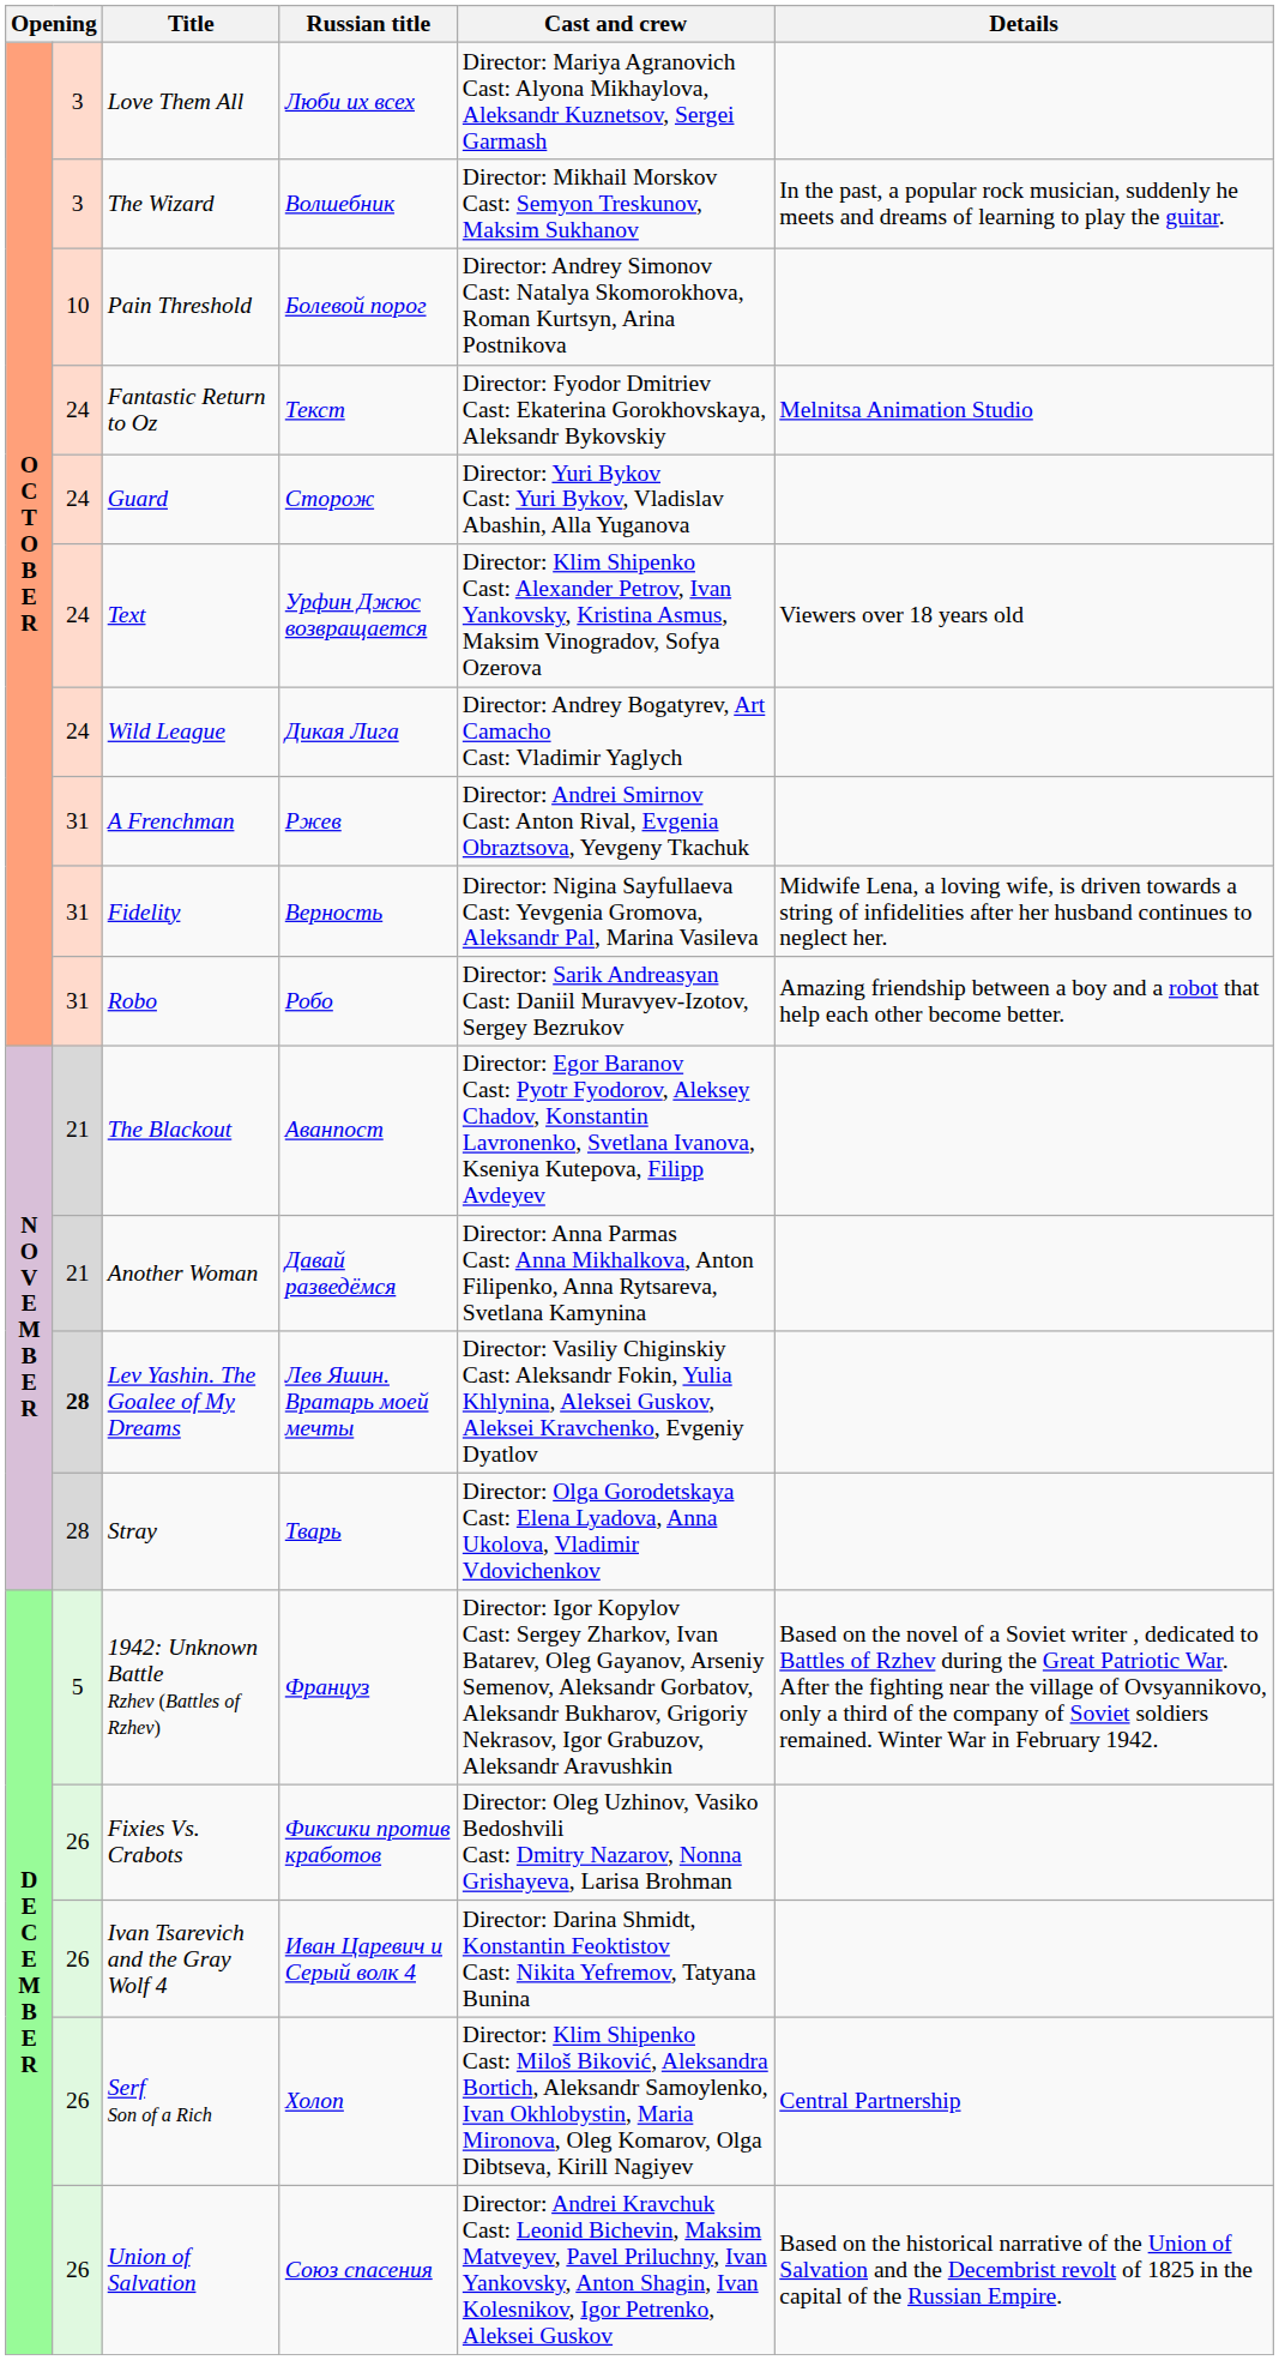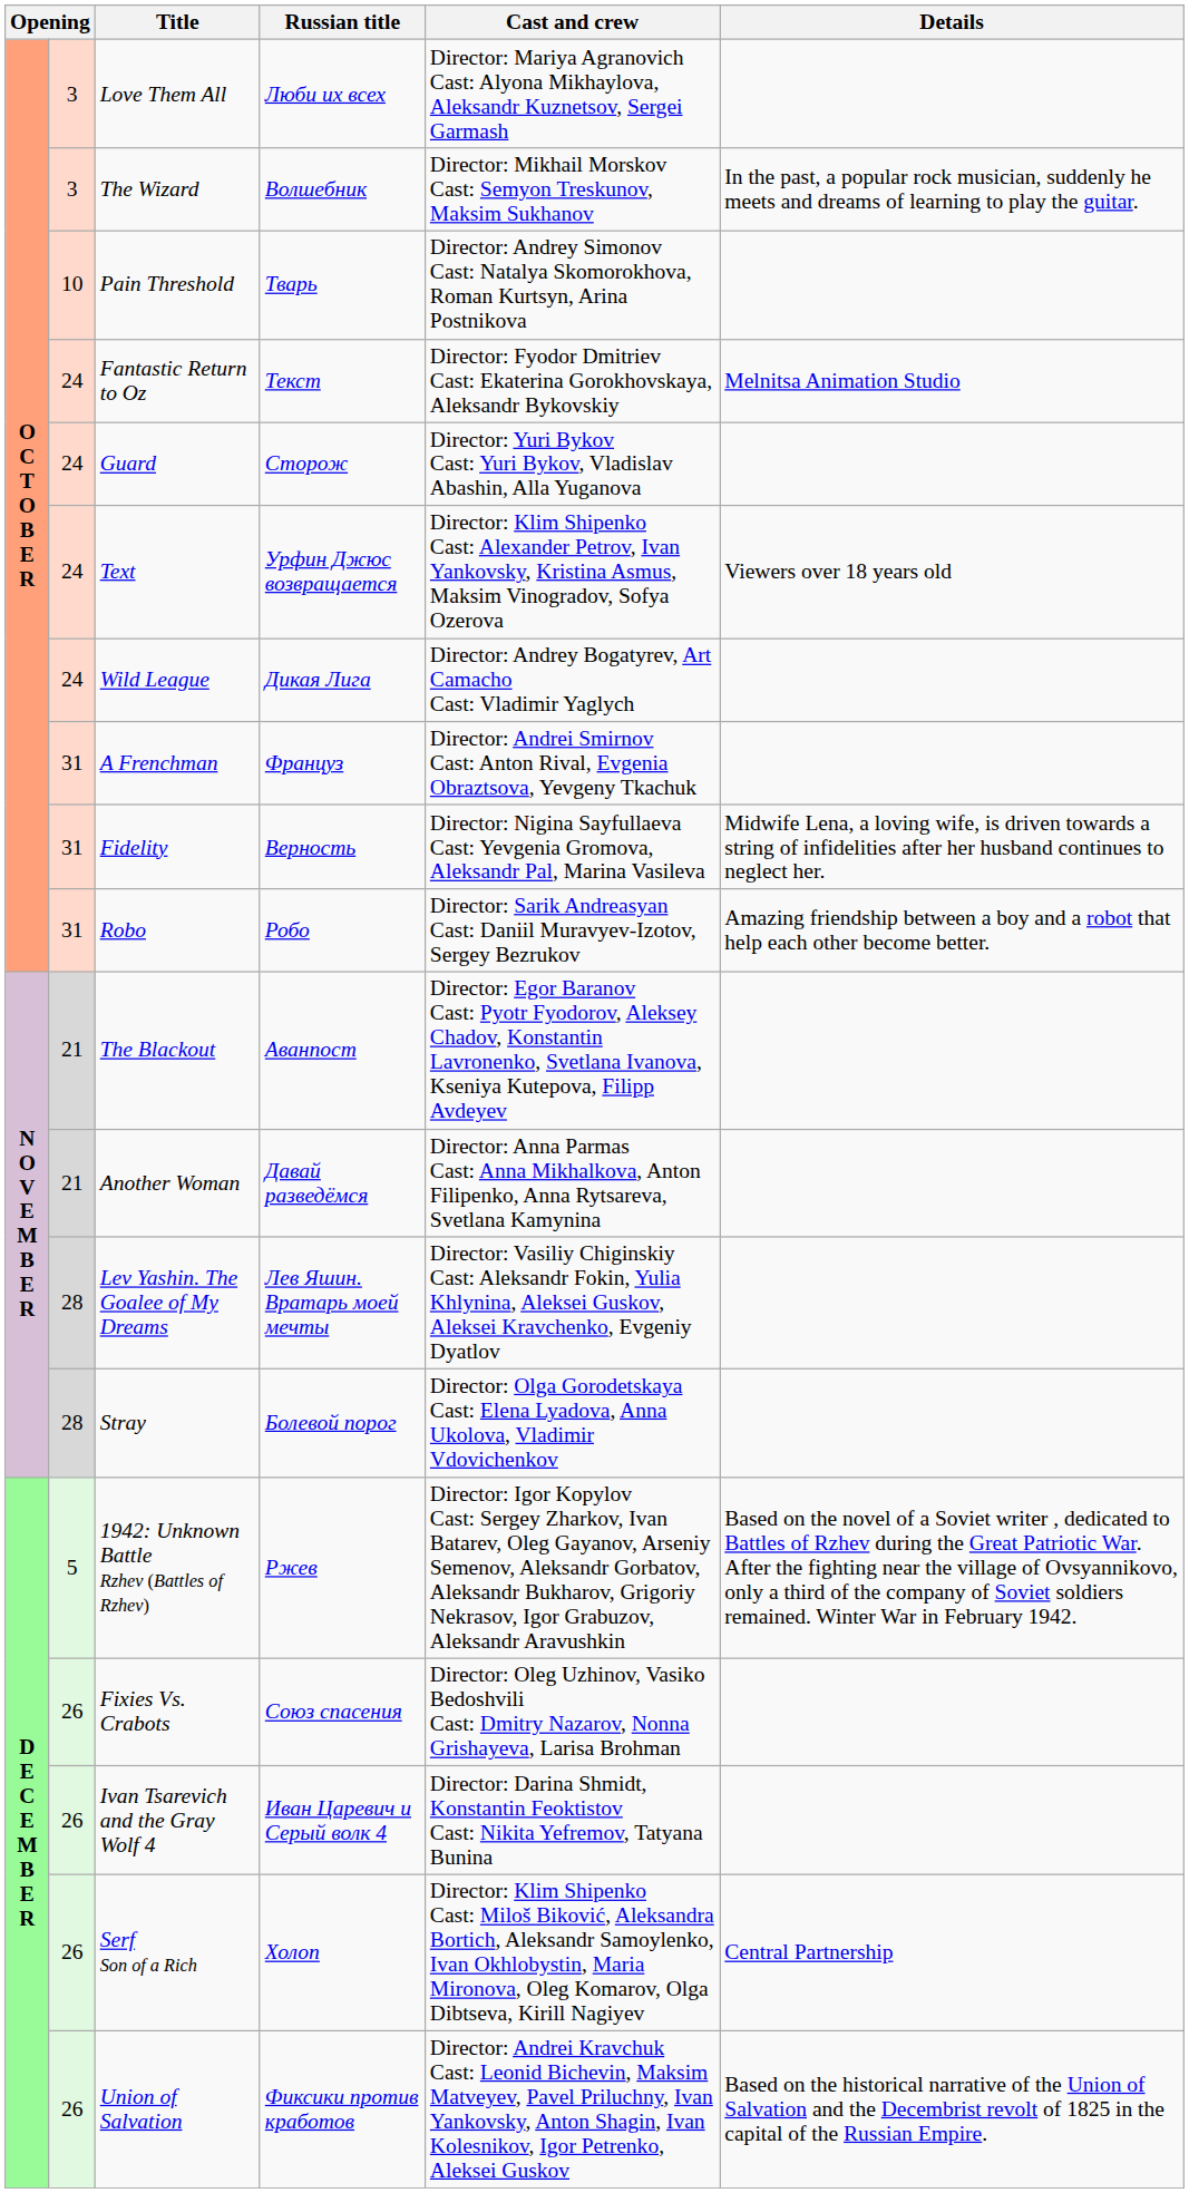 <table class="wikitable">
 <tr>
 <th colspan="2">Opening</th>
 <th style="width:14%;">Title</th>
 <th style="width:14%;">Russian title</th>
 <th style="width:25%;">Cast and crew</th>
 <th>Details</th>
 </tr>
 <tr>
 <th rowspan="10" align="center" style="background:#ffa07a; textcolor:#000;">O<br>C<br>T<br>O<br>B<br>E<br>R</th>
 <td align="center" style="background:#ffdacc;">3</td>
 <td><em>Love Them All</em></td>
 <td><em><a href='#'>Люби их всех</a></em></td>
 <td>Director: Mariya Agranovich <br> Cast: Alyona Mikhaylova, <a href='#'>Aleksandr Kuznetsov</a>, <a href='#'>Sergei Garmash</a></td>
 <td></td>
 </tr>
 <tr>
 <td align="center" style="background:#ffdacc;">3</td>
 <td><em>The Wizard</em></td>
 <td><em><a href='#'>Волшебник</a></em></td>
 <td>Director: Mikhail Morskov <br> Cast: <a href='#'>Semyon Treskunov</a>, <a href='#'>Maksim Sukhanov</a></td>
 <td>In the past, a popular rock musician, suddenly he meets and dreams of learning to play the <a href='#'>guitar</a>.</td>
 </tr>
 <tr>
 <td align="center" style="background:#ffdacc;">10</td>
 <td><em>Pain Threshold</em></td>
-<td><em><a href='#'>Болевой порог</a></em></td>
+<td><em><a href='#'>Тварь</a></em></td>
 <td>Director: Andrey Simonov <br> Cast: Natalya Skomorokhova, Roman Kurtsyn, Arina Postnikova</td>
 <td></td>
 </tr>
 <tr>
 <td align="center" style="background:#ffdacc;">24</td>
 <td><em>Fantastic Return to Oz</em></td>
 <td><em><a href='#'>Текст</a></em></td>
 <td>Director: Fyodor Dmitriev <br> Cast: Ekaterina Gorokhovskaya, Aleksandr Bykovskiy</td>
 <td><a href='#'>Melnitsa Animation Studio</a></td>
 </tr>
 <tr>
 <td align="center" style="background:#ffdacc;">24</td>
 <td><em><a href='#'>Guard</a></em></td>
 <td><em><a href='#'>Сторож</a></em></td>
 <td>Director: <a href='#'>Yuri Bykov</a> <br> Cast: <a href='#'>Yuri Bykov</a>, Vladislav Abashin, Alla Yuganova</td>
 <td></td>
 </tr>
 <tr>
 <td align="center" style="background:#ffdacc;">24</td>
 <td><em><a href='#'>Text</a></em></td>
 <td><em><a href='#'>Урфин Джюс возвращается</a></em></td>
 <td>Director: <a href='#'>Klim Shipenko</a> <br> Cast: <a href='#'>Alexander Petrov</a>, <a href='#'>Ivan Yankovsky</a>, <a href='#'>Kristina Asmus</a>, Maksim Vinogradov, Sofya Ozerova</td>
 <td>Viewers over 18 years old</td>
 </tr>
 <tr>
 <td align="center" style="background:#ffdacc;">24</td>
 <td><em><a href='#'>Wild League</a></em></td>
 <td><em><a href='#'>Дикая Лига</a></em></td>
 <td>Director: Andrey Bogatyrev, <a href='#'>Art Camacho</a> <br> Cast: Vladimir Yaglych</td>
 <td></td>
 </tr>
 <tr>
 <td align="center" style="background:#ffdacc;">31</td>
 <td><em><a href='#'>A Frenchman</a></em></td>
-<td><em><a href='#'>Ржев</a></em></td>
+<td><em><a href='#'>Француз</a></em></td>
 <td>Director: <a href='#'>Andrei Smirnov</a> <br> Cast: Anton Rival, <a href='#'>Evgenia Obraztsova</a>, Yevgeny Tkachuk</td>
 <td></td>
 </tr>
 <tr>
 <td align="center" style="background:#ffdacc;">31</td>
 <td><em><a href='#'>Fidelity</a></em></td>
 <td><em><a href='#'>Верность</a></em></td>
 <td>Director: Nigina Sayfullaeva <br> Cast: Yevgenia Gromova, <a href='#'>Aleksandr Pal</a>, Marina Vasileva</td>
 <td>Midwife Lena, a loving wife, is driven towards a string of infidelities after her husband continues to neglect her.</td>
 </tr>
 <tr>
 <td align="center" style="background:#ffdacc;">31</td>
 <td><em><a href='#'>Robo</a></em></td>
 <td><em><a href='#'>Робо</a></em></td>
 <td>Director: <a href='#'>Sarik Andreasyan</a> <br> Cast: Daniil Muravyev-Izotov, Sergey Bezrukov</td>
 <td>Amazing friendship between a boy and a <a href='#'>robot</a> that help each other become better.</td>
 </tr>
 <tr>
 <th rowspan="4" align="center" style="background:thistle; textcolor:#000;">N<br>O<br>V<br>E<br>M<br>B<br>E<br>R</th>
 <td align="center" style="background:#d8d8d8;">21</td>
 <td><em><a href='#'>The Blackout</a></em></td>
 <td><em><a href='#'>Аванпост</a></em></td>
 <td>Director: <a href='#'>Egor Baranov</a> <br> Cast: <a href='#'>Pyotr Fyodorov</a>, <a href='#'>Aleksey Chadov</a>, <a href='#'>Konstantin Lavronenko</a>, <a href='#'>Svetlana Ivanova</a>, Kseniya Kutepova, <a href='#'>Filipp Avdeyev</a></td>
 <td></td>
 </tr>
 <tr>
 <td align="center" style="background:#d8d8d8;">21</td>
 <td><em>Another Woman</em></td>
 <td><em><a href='#'>Давай разведёмся</a></em></td>
 <td>Director: Anna Parmas <br> Cast: <a href='#'>Anna Mikhalkova</a>, Anton Filipenko, Anna Rytsareva, Svetlana Kamynina</td>
 <td> <br></td>
 </tr>
 <tr>
-<td align="center" style="background:#d8d8d8;"><strong>28</strong></td>
+<td align="center" style="background:#d8d8d8;">28</td>
 <td><em><a href='#'>Lev Yashin. The Goalee of My Dreams</a></em></td>
 <td><em><a href='#'>Лев Яшин. Вратарь моей мечты</a></em></td>
 <td>Director: Vasiliy Chiginskiy <br> Cast: Aleksandr Fokin, <a href='#'>Yulia Khlynina</a>, <a href='#'>Aleksei Guskov</a>, <a href='#'>Aleksei Kravchenko</a>, Evgeniy Dyatlov</td>
 <td></td>
 </tr>
 <tr>
 <td align="center" style="background:#d8d8d8;">28</td>
 <td><em>Stray</em></td>
-<td><em><a href='#'>Тварь</a></em></td>
+<td><em><a href='#'>Болевой порог</a></em></td>
 <td>Director: <a href='#'>Olga Gorodetskaya</a> <br> Cast: <a href='#'>Elena Lyadova</a>, <a href='#'>Anna Ukolova</a>, <a href='#'>Vladimir Vdovichenkov</a></td>
 <td></td>
 </tr>
 <tr>
 <th rowspan="5" align="center" style="background:#98fb98; textcolor:#000;">D<br>E<br>C<br>E<br>M<br>B<br>E<br>R</th>
 <td align="center" style="background:#e0f9e0;">5</td>
 <td><em>1942: Unknown Battle</em> <br> <small><em>Rzhev</em> (<em>Battles of Rzhev</em>)</small></td>
-<td><em><a href='#'>Француз</a></em></td>
+<td><em><a href='#'>Ржев</a></em></td>
 <td>Director: Igor Kopylov <br> Cast: Sergey Zharkov, Ivan Batarev, Oleg Gayanov, Arseniy Semenov, Aleksandr Gorbatov, Aleksandr Bukharov, Grigoriy Nekrasov, Igor Grabuzov, Aleksandr Aravushkin</td>
 <td>Based on the novel of a Soviet writer , dedicated to <a href='#'>Battles of Rzhev</a> during the <a href='#'>Great Patriotic War</a>. After the fighting near the village of Ovsyannikovo, only a third of the company of <a href='#'>Soviet</a> soldiers remained. Winter War in February 1942.</td>
 </tr>
 <tr>
 <td align="center" style="background:#e0f9e0;">26</td>
 <td><em>Fixies Vs. Crabots</em></td>
-<td><em><a href='#'>Фиксики против кработов</a></em></td>
+<td><em><a href='#'>Союз спасения</a></em></td>
 <td>Director: Oleg Uzhinov, Vasiko Bedoshvili <br> Cast: <a href='#'>Dmitry Nazarov</a>, <a href='#'>Nonna Grishayeva</a>, Larisa Brohman</td>
 <td></td>
 </tr>
 <tr>
 <td align="center" style="background:#e0f9e0;">26</td>
 <td><em>Ivan Tsarevich and the Gray Wolf 4</em></td>
 <td><em><a href='#'>Иван Царевич и Серый волк 4</a></em></td>
 <td>Director: Darina Shmidt, <a href='#'>Konstantin Feoktistov</a> <br> Cast: <a href='#'>Nikita Yefremov</a>, Tatyana Bunina</td>
 <td></td>
 </tr>
 <tr>
 <td align="center" style="background:#e0f9e0;">26</td>
 <td><em><a href='#'>Serf</a></em> <br> <small><em>Son of a Rich</em></small></td>
 <td><em><a href='#'>Холоп</a></em></td>
 <td>Director: <a href='#'>Klim Shipenko</a> <br> Cast: <a href='#'>Miloš Biković</a>, <a href='#'>Aleksandra Bortich</a>, Aleksandr Samoylenko, <a href='#'>Ivan Okhlobystin</a>, <a href='#'>Maria Mironova</a>, Oleg Komarov, Olga Dibtseva, Kirill Nagiyev</td>
 <td><a href='#'>Central Partnership</a></td>
 </tr>
 <tr>
 <td align="center" style="background:#e0f9e0;">26</td>
 <td><em><a href='#'>Union of Salvation</a></em></td>
-<td><em><a href='#'>Союз спасения</a></em></td>
+<td><em><a href='#'>Фиксики против кработов</a></em></td>
 <td>Director: <a href='#'>Andrei Kravchuk</a> <br> Cast: <a href='#'>Leonid Bichevin</a>, <a href='#'>Maksim Matveyev</a>, <a href='#'>Pavel Priluchny</a>, <a href='#'>Ivan Yankovsky</a>, <a href='#'>Anton Shagin</a>, <a href='#'>Ivan Kolesnikov</a>, <a href='#'>Igor Petrenko</a>, <a href='#'>Aleksei Guskov</a></td>
 <td>Based on the historical narrative of the <a href='#'>Union of Salvation</a> and the <a href='#'>Decembrist revolt</a> of 1825 in the capital of the <a href='#'>Russian Empire</a>.</td>
 </tr>
 <tr>
 </tr>
 </table>
